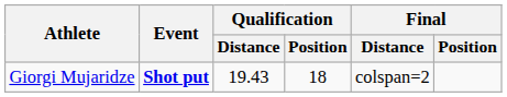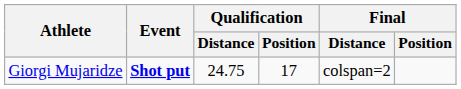 <table class="wikitable" style="font-size:90%">
 <tr>
 <th rowspan="2">Athlete</th>
 <th rowspan="2">Event</th>
 <th colspan="2">Qualification</th>
 <th colspan="2">Final</th>
 </tr>
 <tr style="font-size:95%">
 <th>Distance</th>
 <th>Position</th>
 <th>Distance</th>
 <th>Position</th>
 </tr>
 <tr align="center">
 <td align="left"><a href='#'>Giorgi Mujaridze</a></td>
 <td align="left"><strong><a href='#'>Shot put</a></strong></td>
-<td>19.43</td>
-<td>18</td>
+<td>24.75</td>
+<td>17</td>
 <td>colspan=2 </td>
 </tr>
 </table>
